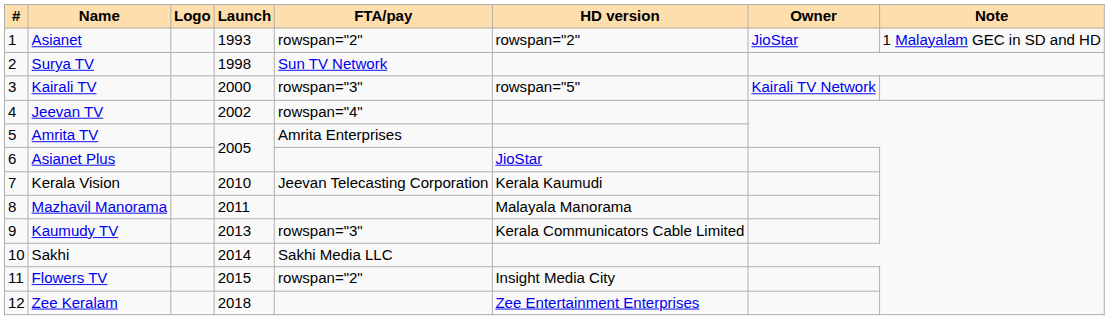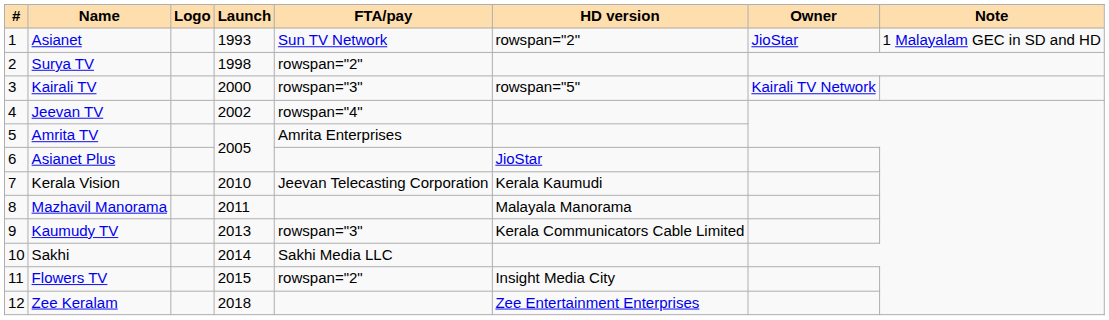 <table class="wikitable sortable">
 <tr>
 <th style="background-color:navajowhite">#</th>
 <th style="background-color:navajowhite">Name</th>
 <th style="background-color:navajowhite">Logo</th>
 <th style="background-color:navajowhite">Launch</th>
 <th style="background-color:navajowhite">FTA/pay</th>
 <th style="background-color:navajowhite">HD version</th>
 <th style="background-color:navajowhite">Owner</th>
 <th style="background-color:navajowhite">Note</th>
 </tr>
 <tr>
 <td>1</td>
 <td><a href='#'>Asianet</a></td>
 <td></td>
 <td>1993</td>
-<td>rowspan="2" </td>
+<td><a href='#'>Sun TV Network</a></td>
 <td>rowspan="2" </td>
 <td><a href='#'>JioStar</a></td>
 <td>1 <a href='#'>Malayalam</a> GEC in SD and HD</td>
 </tr>
 <tr>
 <td>2</td>
 <td><a href='#'>Surya TV</a></td>
 <td></td>
 <td>1998</td>
-<td><a href='#'>Sun TV Network</a></td>
+<td>rowspan="2" </td>
 <td></td>
 </tr>
 <tr>
 <td>3</td>
 <td><a href='#'>Kairali TV</a></td>
 <td></td>
 <td>2000</td>
 <td>rowspan="3" </td>
 <td>rowspan="5" </td>
 <td><a href='#'>Kairali TV Network</a></td>
 <td></td>
 </tr>
 <tr>
 <td>4</td>
 <td><a href='#'>Jeevan TV</a></td>
 <td></td>
 <td>2002</td>
 <td>rowspan="4" </td>
 <td></td>
 </tr>
 <tr>
 <td>5</td>
 <td><a href='#'>Amrita TV</a></td>
 <td></td>
 <td rowspan="2">2005</td>
 <td>Amrita Enterprises</td>
 <td></td>
 </tr>
 <tr>
 <td>6</td>
 <td><a href='#'>Asianet Plus</a></td>
 <td></td>
 <td></td>
 <td><a href='#'>JioStar</a></td>
 <td></td>
 </tr>
 <tr>
 <td>7</td>
 <td>Kerala Vision</td>
 <td></td>
 <td>2010</td>
 <td>Jeevan Telecasting Corporation</td>
 <td>Kerala Kaumudi</td>
 <td></td>
 </tr>
 <tr>
 <td>8</td>
 <td><a href='#'>Mazhavil Manorama</a></td>
 <td></td>
 <td>2011</td>
 <td></td>
 <td>Malayala Manorama</td>
 <td></td>
 </tr>
 <tr>
 <td>9</td>
 <td><a href='#'>Kaumudy TV</a></td>
 <td></td>
 <td>2013</td>
 <td>rowspan="3" </td>
 <td>Kerala Communicators Cable Limited</td>
 <td></td>
 </tr>
 <tr>
 <td>10</td>
 <td>Sakhi</td>
 <td></td>
 <td>2014</td>
 <td>Sakhi Media LLC</td>
 <td></td>
 </tr>
 <tr>
 <td>11</td>
 <td><a href='#'>Flowers TV</a></td>
 <td></td>
 <td>2015</td>
 <td>rowspan="2" </td>
 <td>Insight Media City</td>
 <td></td>
 </tr>
 <tr>
 <td>12</td>
 <td><a href='#'>Zee Keralam</a></td>
 <td></td>
 <td>2018</td>
 <td></td>
 <td><a href='#'>Zee Entertainment Enterprises</a></td>
 <td></td>
 </tr>
 </table>
